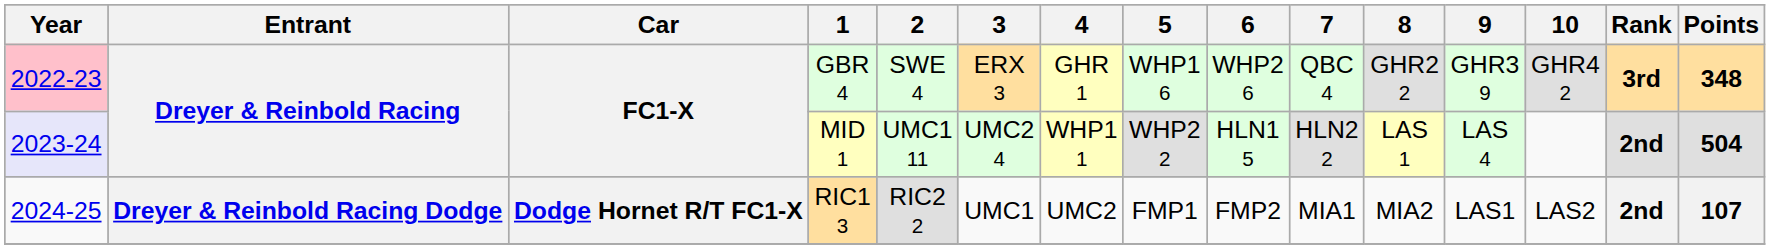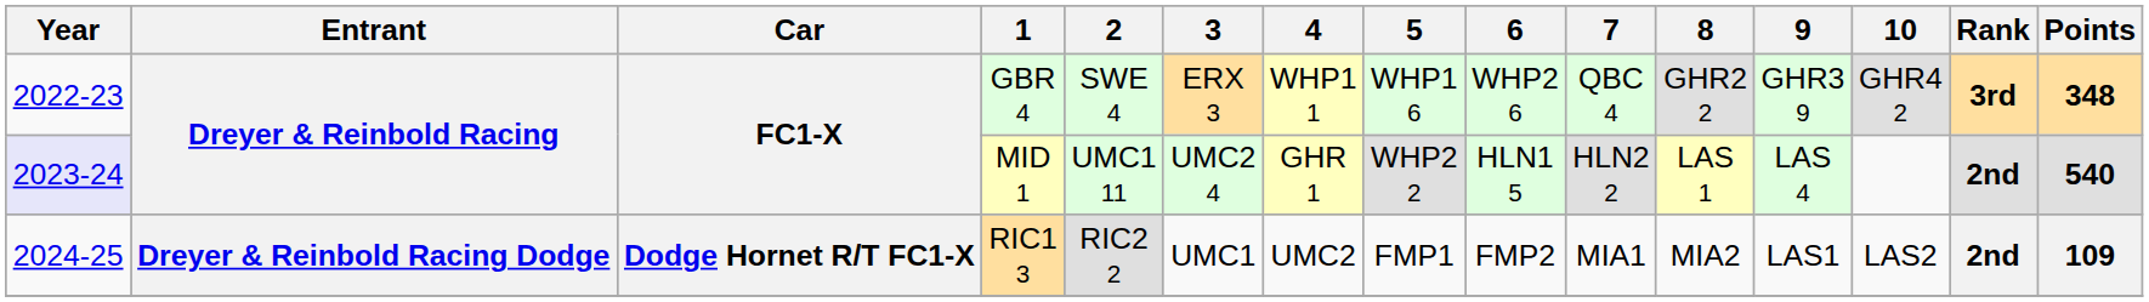 <table class="wikitable" style="text-align: center; font-size: 90%;">
 <tr>
 <th>Year</th>
 <th>Entrant</th>
 <th>Car</th>
 <th>1</th>
 <th>2</th>
 <th>3</th>
 <th>4</th>
 <th>5</th>
 <th>6</th>
 <th>7</th>
 <th>8</th>
 <th>9</th>
 <th>10</th>
 <th>Rank</th>
 <th>Points</th>
 </tr>
 <tr>
-<td style="background: pink;"><a href='#'>2022-23</a></td>
+<td><a href='#'>2022-23</a></td>
 <th rowspan=2><a href='#'>Dreyer & Reinbold Racing</a></th>
 <th rowspan=2>FC1-X</th>
 <td style="background:#DFFFDF;">GBR<br><small>4</small></td>
 <td style="background:#DFFFDF;">SWE<br><small>4</small></td>
 <td style="background:#FFDF9F;">ERX<br><small>3</small></td>
-<td style="background:#FFFFBF;">GHR<br><small>1</small></td>
+<td style="background:#FFFFBF;">WHP1<br><small>1</small></td>
 <td style="background:#DFFFDF;">WHP1<br><small>6</small></td>
 <td style="background:#DFFFDF;">WHP2<br><small>6</small></td>
 <td style="background:#DFFFDF;">QBC<br><small>4</small></td>
 <td style="background:#DFDFDF;">GHR2<br><small>2</small></td>
 <td style="background:#DFFFDF;">GHR3<br><small>9</small></td>
 <td style="background:#DFDFDF;">GHR4<br><small>2</small></td>
 <th style="background:#FFDF9F;">3rd</th>
 <th style="background:#FFDF9F;">348</th>
 </tr>
 <tr>
 <td style="background: lavender;"><a href='#'>2023-24</a></td>
 <td style="background:#FFFFBF;">MID<br><small>1</small></td>
 <td style="background:#DFFFDF;">UMC1<br><small>11</small></td>
 <td style="background:#DFFFDF;">UMC2<br><small>4</small></td>
-<td style="background:#FFFFBF;">WHP1<br><small>1</small></td>
+<td style="background:#FFFFBF;">GHR<br><small>1</small></td>
 <td style="background:#DFDFDF;">WHP2<br><small>2</small></td>
 <td style="background:#DFFFDF;">HLN1<br><small>5</small></td>
 <td style="background:#DFDFDF;">HLN2<br><small>2</small></td>
 <td style="background:#FFFFBF;">LAS<br><small>1</small></td>
 <td style="background:#DFFFDF;">LAS<br><small>4</small></td>
 <td></td>
 <th style="background:#DFDFDF;">2nd</th>
-<th style="background:#DFDFDF;">504</th>
+<th style="background:#DFDFDF;">540</th>
 </tr>
 <tr>
 <td><a href='#'>2024-25</a></td>
 <th><a href='#'>Dreyer & Reinbold Racing Dodge</a></th>
 <th><a href='#'>Dodge</a> Hornet R/T FC1-X</th>
 <td style="background:#FFDF9F;">RIC1<br><small>3</small></td>
 <td style="background:#DFDFDF;">RIC2<br><small>2</small></td>
 <td style="background:">UMC1<br><small></small></td>
 <td style="background:">UMC2<br><small></small></td>
 <td style="background:">FMP1<br><small></small></td>
 <td style="background:">FMP2<br><small></small></td>
 <td style="background:">MIA1<br><small></small></td>
 <td style="background:">MIA2<br><small></small></td>
 <td style="background:">LAS1<br><small></small></td>
 <td style="background:">LAS2<br><small></small></td>
 <th>2nd</th>
-<th>107</th>
+<th>109</th>
 </tr>
 <tr>
 </tr>
 </table>
